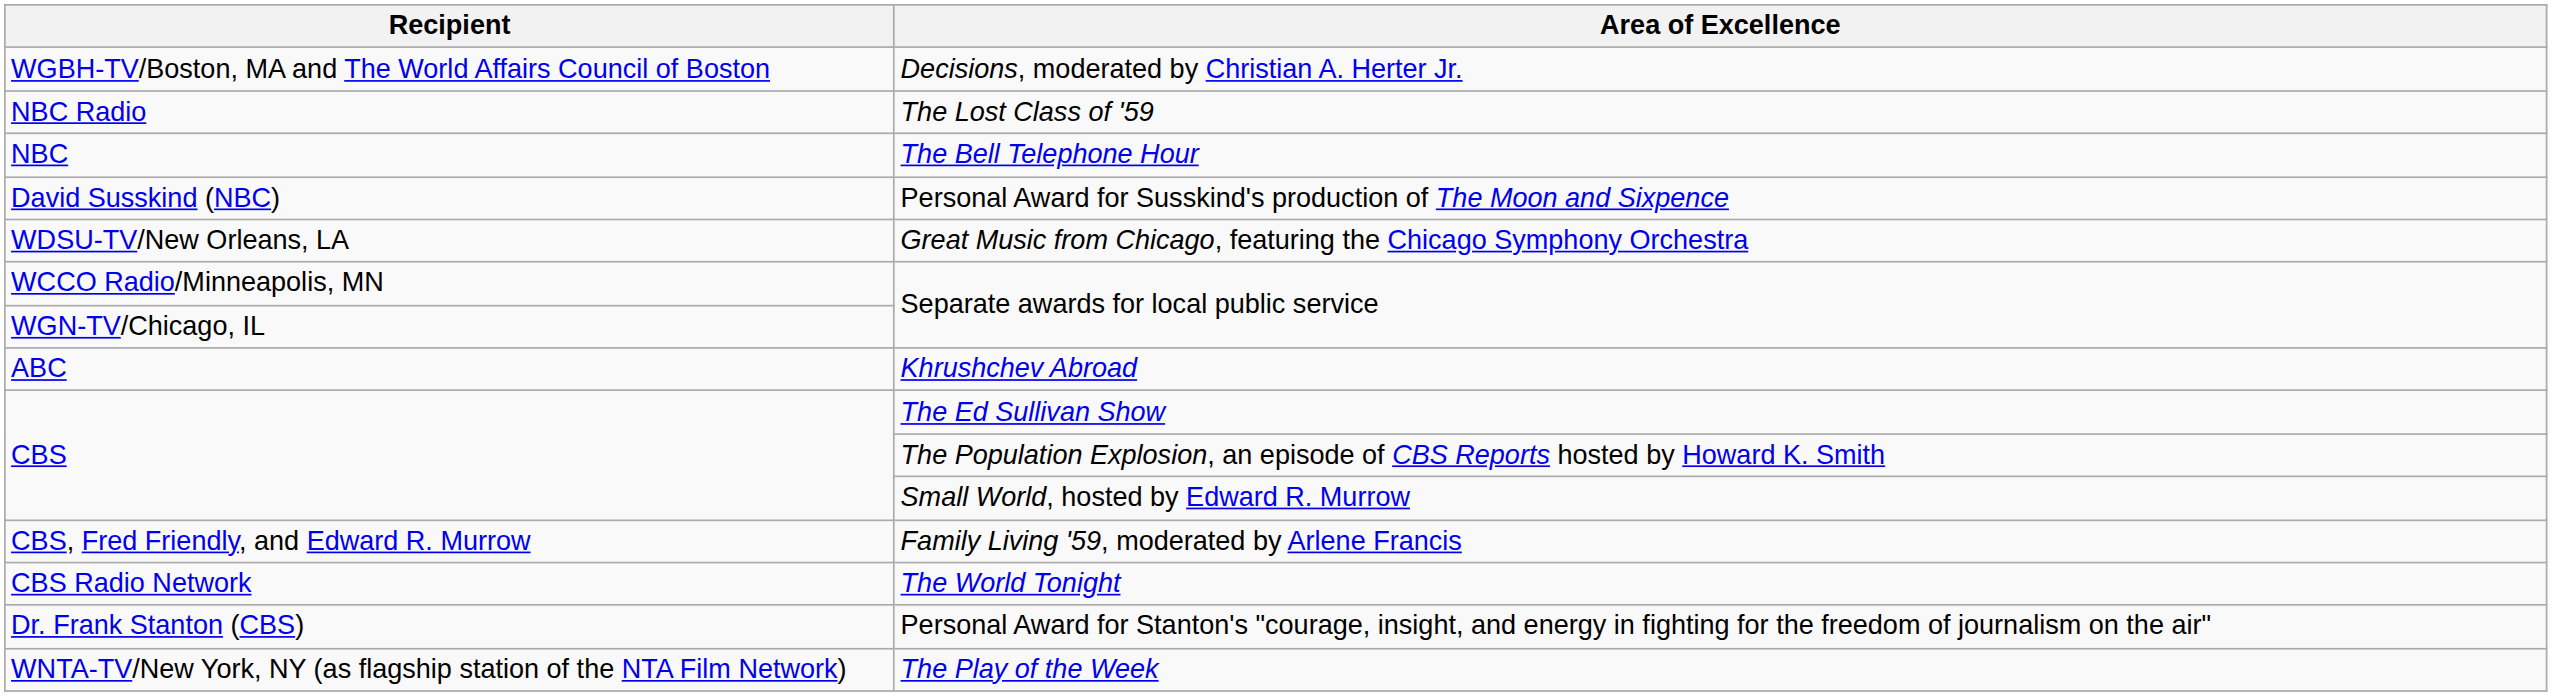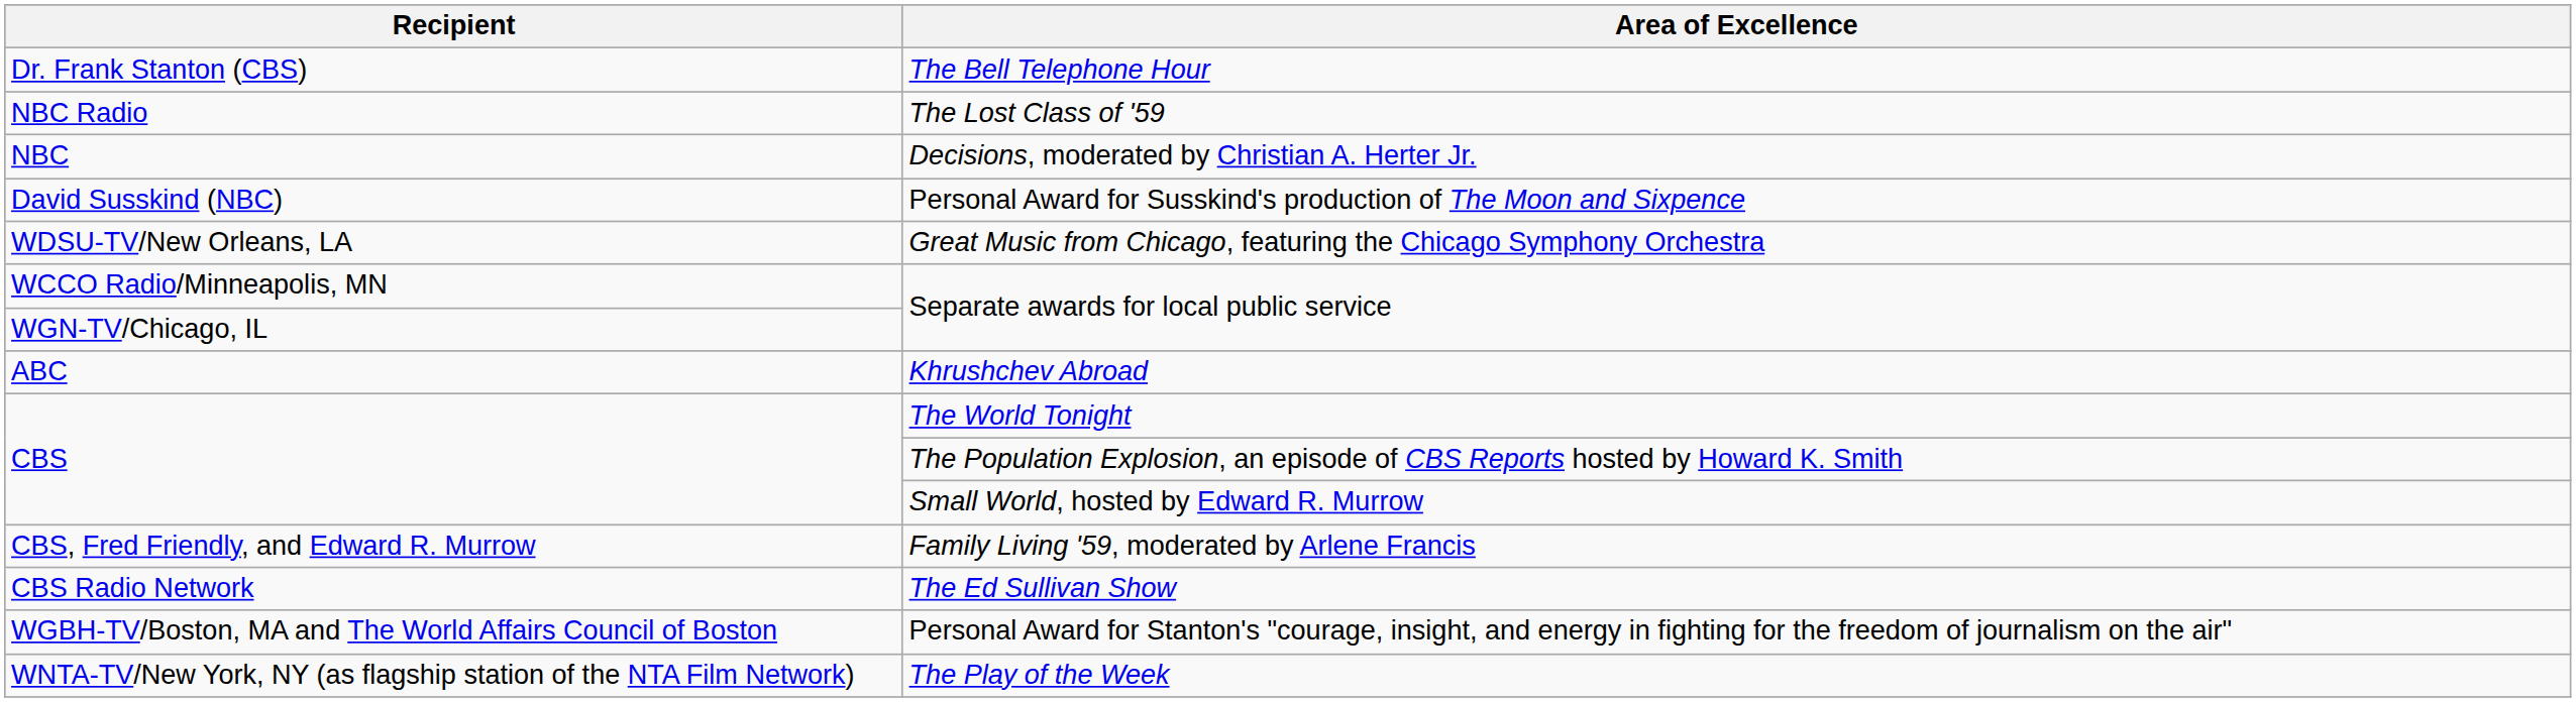 <table class="wikitable" style="width:95%">
 <tr bgcolor="#CCCCCC">
 <th width=35%>Recipient</th>
 <th width=65%>Area of Excellence</th>
 </tr>
 <tr>
-<td><a href='#'>WGBH-TV</a>/Boston, MA and <a href='#'>The World Affairs Council of Boston</a></td>
-<td><em>Decisions</em>, moderated by <a href='#'>Christian A. Herter Jr.</a></td>
+<td><a href='#'>Dr. Frank Stanton</a> (<a href='#'>CBS</a>)</td>
+<td><em><a href='#'>The Bell Telephone Hour</a></em></td>
 </tr>
 <tr>
 <td><a href='#'>NBC Radio</a></td>
 <td><em>The Lost Class of '59</em></td>
 </tr>
 <tr>
 <td><a href='#'>NBC</a></td>
-<td><em><a href='#'>The Bell Telephone Hour</a></em></td>
+<td><em>Decisions</em>, moderated by <a href='#'>Christian A. Herter Jr.</a></td>
 </tr>
 <tr>
 <td><a href='#'>David Susskind</a> (<a href='#'>NBC</a>)</td>
 <td>Personal Award for Susskind's production of <em><a href='#'>The Moon and Sixpence</a></em></td>
 </tr>
 <tr>
 <td><a href='#'>WDSU-TV</a>/New Orleans, LA</td>
 <td><em>Great Music from Chicago</em>, featuring the <a href='#'>Chicago Symphony Orchestra</a></td>
 </tr>
 <tr>
 <td><a href='#'>WCCO Radio</a>/Minneapolis, MN</td>
 <td rowspan="2">Separate awards for local public service</td>
 </tr>
 <tr>
 <td><a href='#'>WGN-TV</a>/Chicago, IL</td>
 </tr>
 <tr>
 <td><a href='#'>ABC</a></td>
 <td><em><a href='#'>Khrushchev Abroad</a></em></td>
 </tr>
 <tr>
 <td rowspan="3"><a href='#'>CBS</a></td>
-<td><em><a href='#'>The Ed Sullivan Show</a></em></td>
+<td><em><a href='#'>The World Tonight</a></em></td>
 </tr>
 <tr>
 <td><em>The Population Explosion</em>, an episode of <em><a href='#'>CBS Reports</a></em> hosted by <a href='#'>Howard K. Smith</a></td>
 </tr>
 <tr>
 <td><em>Small World</em>, hosted by <a href='#'>Edward R. Murrow</a></td>
 </tr>
 <tr>
 <td><a href='#'>CBS</a>, <a href='#'>Fred Friendly</a>, and <a href='#'>Edward R. Murrow</a></td>
 <td><em>Family Living '59</em>, moderated by <a href='#'>Arlene Francis</a></td>
 </tr>
 <tr>
 <td><a href='#'>CBS Radio Network</a></td>
-<td><em><a href='#'>The World Tonight</a></em></td>
+<td><em><a href='#'>The Ed Sullivan Show</a></em></td>
 </tr>
 <tr>
-<td><a href='#'>Dr. Frank Stanton</a> (<a href='#'>CBS</a>)</td>
+<td><a href='#'>WGBH-TV</a>/Boston, MA and <a href='#'>The World Affairs Council of Boston</a></td>
 <td>Personal Award for Stanton's "courage, insight, and energy in fighting for the freedom of journalism on the air"</td>
 </tr>
 <tr>
 <td><a href='#'>WNTA-TV</a>/New York, NY (as flagship station of the <a href='#'>NTA Film Network</a>)</td>
 <td><em><a href='#'>The Play of the Week</a></em></td>
 </tr>
 </table>
